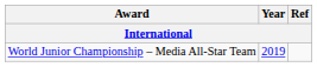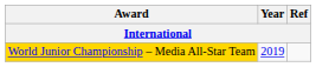 <table class="wikitable">
 <tr>
 <th>Award</th>
 <th>Year</th>
 <th>Ref</th>
 </tr>
 <tr>
 <th colspan="3"><a href='#'>International</a></th>
 </tr>
 <tr>
-<td><a href='#'>World Junior Championship</a> – Media All-Star Team</td>
+<td style="background: gold;"><a href='#'>World Junior Championship</a> – Media All-Star Team</td>
 <td><a href='#'>2019</a></td>
 <td></td>
 </tr>
 </table>
